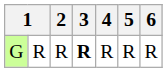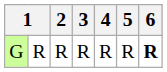 <table class="wikitable" style="text-align:center;">
 <tr>
 <th colspan=2>1</th>
 <th>2</th>
 <th>3</th>
 <th>4</th>
 <th>5</th>
 <th>6</th>
 </tr>
 <tr style="background:white;">
 <td style="background:#cf9;">G</td>
 <td>R</td>
 <td>R</td>
-<td><strong>R</strong></td>
 <td>R</td>
 <td>R</td>
 <td>R</td>
+<td><strong>R</strong></td>
 </tr>
 </table>
